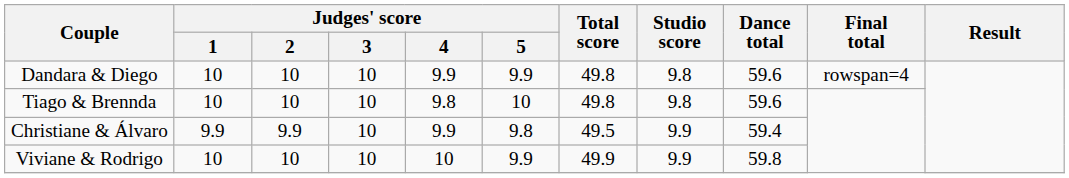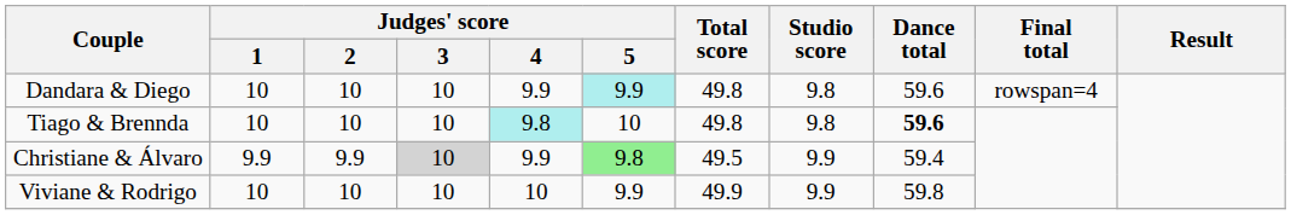 <table class="wikitable" style="font-size:100%; line-height:16px; text-align:center" width="100%">
 <tr>
 <th rowspan=2 width="11.0%">Couple</th>
 <th colspan=5 width="25.0%">Judges' score</th>
 <th rowspan=2 width="05.0%">Total<br>score</th>
 <th rowspan=2 width="05.0%">Studio<br>score</th>
 <th rowspan=2 width="05.0%">Dance<br>total</th>
 <th rowspan=2 width="05.0%">Final<br>total</th>
 <th rowspan=2 width="09.0%">Result</th>
 </tr>
 <tr>
 <th width="05.0%">1</th>
 <th width="05.0%">2</th>
 <th width="05.0%">3</th>
 <th width="05.0%">4</th>
 <th width="05.0%">5</th>
 </tr>
 <tr>
 <td>Dandara & Diego</td>
 <td>10</td>
 <td>10</td>
 <td>10</td>
 <td>9.9</td>
-<td>9.9</td>
+<td style="background: paleturquoise;">9.9</td>
 <td>49.8</td>
 <td>9.8</td>
 <td>59.6</td>
 <td>rowspan=4 </td>
 <td rowspan=4></td>
 </tr>
 <tr>
 <td>Tiago & Brennda</td>
 <td>10</td>
 <td>10</td>
 <td>10</td>
-<td>9.8</td>
+<td style="background: paleturquoise;">9.8</td>
 <td>10</td>
 <td>49.8</td>
 <td>9.8</td>
-<td>59.6</td>
+<td><strong>59.6</strong></td>
 </tr>
 <tr>
 <td>Christiane & Álvaro</td>
 <td>9.9</td>
 <td>9.9</td>
-<td>10</td>
+<td style="background: lightgrey;">10</td>
 <td>9.9</td>
-<td>9.8</td>
+<td style="background: lightgreen;">9.8</td>
 <td>49.5</td>
 <td>9.9</td>
 <td>59.4</td>
 </tr>
 <tr>
 <td>Viviane & Rodrigo</td>
 <td>10</td>
 <td>10</td>
 <td>10</td>
 <td>10</td>
 <td>9.9</td>
 <td>49.9</td>
 <td>9.9</td>
 <td>59.8</td>
 </tr>
 <tr>
 </tr>
 </table>
